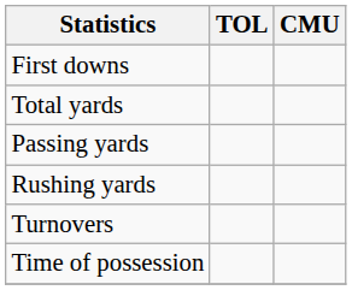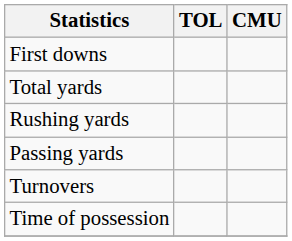 <table class="wikitable">
 <tr>
 <th>Statistics</th>
 <th>TOL</th>
 <th>CMU</th>
 </tr>
 <tr>
 <td>First downs</td>
 <td></td>
 <td></td>
 </tr>
 <tr>
 <td>Total yards</td>
 <td></td>
 <td></td>
 </tr>
 <tr>
-<td>Passing yards</td>
+<td>Rushing yards</td>
 <td></td>
 <td></td>
 </tr>
 <tr>
-<td>Rushing yards</td>
+<td>Passing yards</td>
 <td></td>
 <td></td>
 </tr>
 <tr>
 <td>Turnovers</td>
 <td></td>
 <td></td>
 </tr>
 <tr>
 <td>Time of possession</td>
 <td></td>
 <td></td>
 </tr>
 <tr>
 </tr>
 </table>
